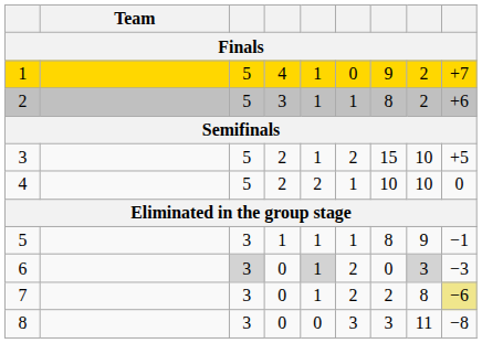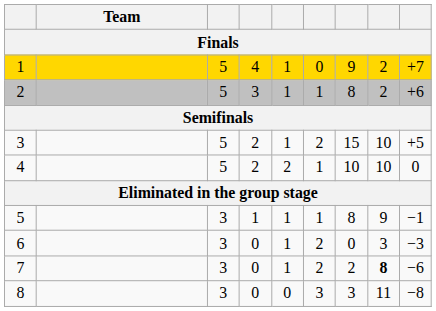 <table class="wikitable" style="text-align:center;">
 <tr>
 <th width="25"></th>
 <th width="165">Team</th>
 <th width="25"></th>
 <th width="25"></th>
 <th width="25"></th>
 <th width="25"></th>
 <th width="25"></th>
 <th width="25"></th>
 <th width="25"></th>
 </tr>
 <tr>
 <th colspan=10>Finals</th>
 </tr>
 <tr style="background:gold;">
 <td>1</td>
 <td align=left></td>
 <td>5</td>
 <td>4</td>
 <td>1</td>
 <td>0</td>
 <td>9</td>
 <td>2</td>
 <td>+7</td>
 </tr>
 <tr style="background:silver;">
 <td>2</td>
 <td align=left></td>
 <td>5</td>
 <td>3</td>
 <td>1</td>
 <td>1</td>
 <td>8</td>
 <td>2</td>
 <td>+6</td>
 </tr>
 <tr>
 <th colspan=10>Semifinals</th>
 </tr>
 <tr style="background:bronze;">
 <td>3</td>
 <td align=left></td>
 <td>5</td>
 <td>2</td>
 <td>1</td>
 <td>2</td>
 <td>15</td>
 <td>10</td>
 <td>+5</td>
 </tr>
 <tr style=>
 <td>4</td>
 <td align=left></td>
 <td>5</td>
 <td>2</td>
 <td>2</td>
 <td>1</td>
 <td>10</td>
 <td>10</td>
 <td>0</td>
 </tr>
 <tr>
 <th colspan=10>Eliminated in the group stage</th>
 </tr>
 <tr>
 <td>5</td>
 <td align=left></td>
 <td>3</td>
 <td>1</td>
 <td>1</td>
 <td>1</td>
 <td>8</td>
 <td>9</td>
 <td>−1</td>
 </tr>
 <tr>
 <td>6</td>
 <td align=left></td>
-<td style="background: lightgrey;">3</td>
+<td>3</td>
 <td>0</td>
-<td style="background: lightgrey;">1</td>
+<td>1</td>
 <td>2</td>
 <td>0</td>
-<td style="background: lightgrey;">3</td>
+<td>3</td>
 <td>−3</td>
 </tr>
 <tr>
 <td>7</td>
 <td align=left></td>
 <td>3</td>
 <td>0</td>
 <td>1</td>
 <td>2</td>
 <td>2</td>
-<td>8</td>
-<td style="background: khaki;">−6</td>
+<td><strong>8</strong></td>
+<td>−6</td>
 </tr>
 <tr>
 <td>8</td>
 <td align=left></td>
 <td>3</td>
 <td>0</td>
 <td>0</td>
 <td>3</td>
 <td>3</td>
 <td>11</td>
 <td>−8</td>
 </tr>
 </table>
